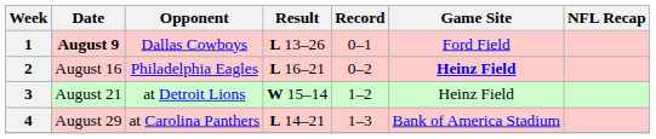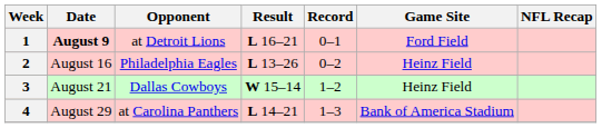 <table class="wikitable" style="text-align:center">
 <tr>
 <th>Week</th>
 <th>Date</th>
 <th>Opponent</th>
 <th>Result</th>
 <th>Record</th>
 <th>Game Site</th>
 <th>NFL Recap</th>
 </tr>
 <tr style="background: #fcc;">
 <th>1</th>
 <td><strong>August 9</strong></td>
-<td><a href='#'>Dallas Cowboys</a></td>
-<td><strong>L</strong> 13–26</td>
+<td>at <a href='#'>Detroit Lions</a></td>
+<td><strong>L</strong> 16–21</td>
 <td>0–1</td>
 <td><a href='#'>Ford Field</a></td>
 <td></td>
 </tr>
 <tr style="background: #fcc;">
 <th>2</th>
 <td>August 16</td>
 <td><a href='#'>Philadelphia Eagles</a></td>
-<td><strong>L</strong> 16–21</td>
+<td><strong>L</strong> 13–26</td>
 <td>0–2</td>
-<td><strong><a href='#'>Heinz Field</a></strong></td>
+<td><a href='#'>Heinz Field</a></td>
 <td></td>
 </tr>
 <tr style="background: #cfc;">
 <th>3</th>
 <td>August 21</td>
-<td>at <a href='#'>Detroit Lions</a></td>
+<td><a href='#'>Dallas Cowboys</a></td>
 <td><strong>W</strong> 15–14</td>
 <td>1–2</td>
 <td>Heinz Field</td>
 <td></td>
 </tr>
 <tr style="background: #fcc;">
 <th>4</th>
 <td>August 29</td>
 <td>at <a href='#'>Carolina Panthers</a></td>
 <td><strong>L</strong> 14–21</td>
 <td>1–3</td>
 <td><a href='#'>Bank of America Stadium</a></td>
 <td></td>
 </tr>
 <tr style="background: #ddffdd;">
 </tr>
 </table>
